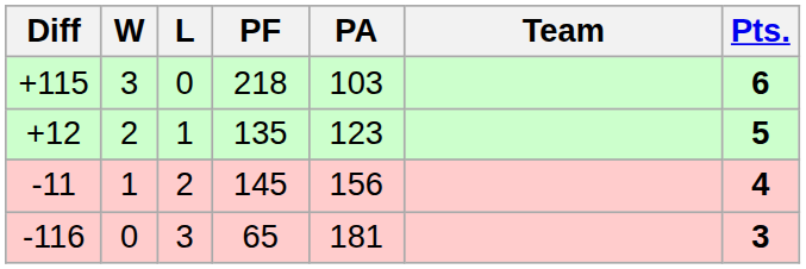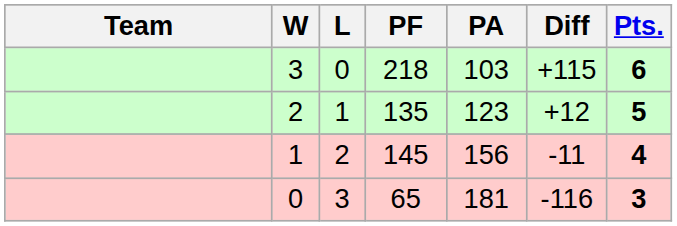 <table class=wikitable>
 <tr align=center>
-<th width=40px>Diff</th>
+<th width=150px>Team</th>
 <th width=20px>W</th>
 <th width=20px>L</th>
 <th width=40px>PF</th>
 <th width=40px>PA</th>
-<th width=150px>Team</th>
+<th width=40px>Diff</th>
 <th width=30px><a href='#'>Pts.</a></th>
 </tr>
 <tr align=center bgcolor="#ccffcc">
-<td>+115</td>
+<td align=left></td>
 <td>3</td>
 <td>0</td>
 <td>218</td>
 <td>103</td>
-<td align=left></td>
+<td>+115</td>
 <td><strong>6</strong></td>
 </tr>
 <tr align=center bgcolor="#ccffcc">
-<td>+12</td>
+<td align=left></td>
 <td>2</td>
 <td>1</td>
 <td>135</td>
 <td>123</td>
-<td align=left></td>
+<td>+12</td>
 <td><strong>5</strong></td>
 </tr>
 <tr align=center bgcolor="#ffcccc">
-<td>-11</td>
+<td align=left></td>
 <td>1</td>
 <td>2</td>
 <td>145</td>
 <td>156</td>
-<td align=left></td>
+<td>-11</td>
 <td><strong>4</strong></td>
 </tr>
 <tr align=center bgcolor="#ffcccc">
-<td>-116</td>
+<td align=left></td>
 <td>0</td>
 <td>3</td>
 <td>65</td>
 <td>181</td>
-<td align=left></td>
+<td>-116</td>
 <td><strong>3</strong></td>
 </tr>
 </table>
